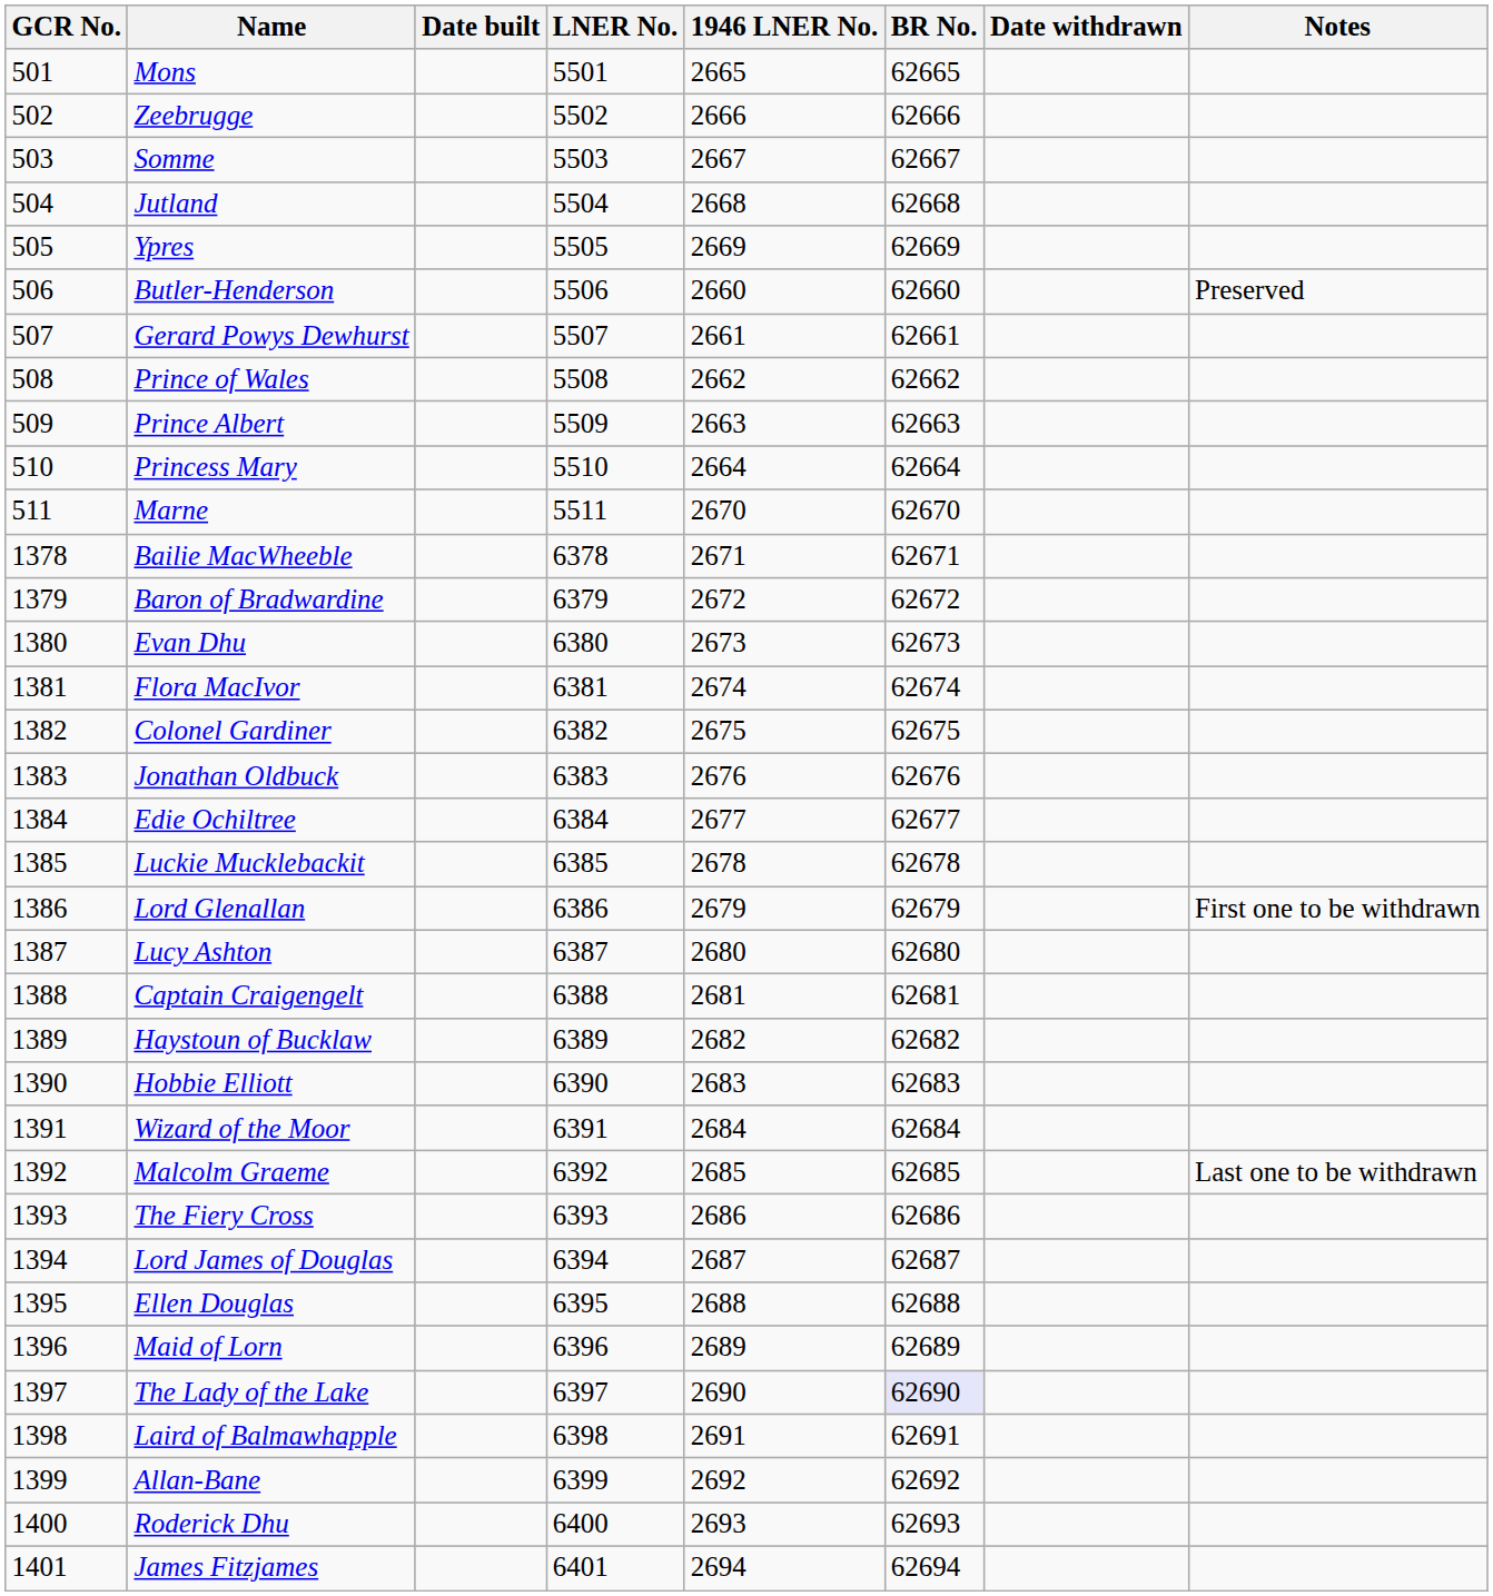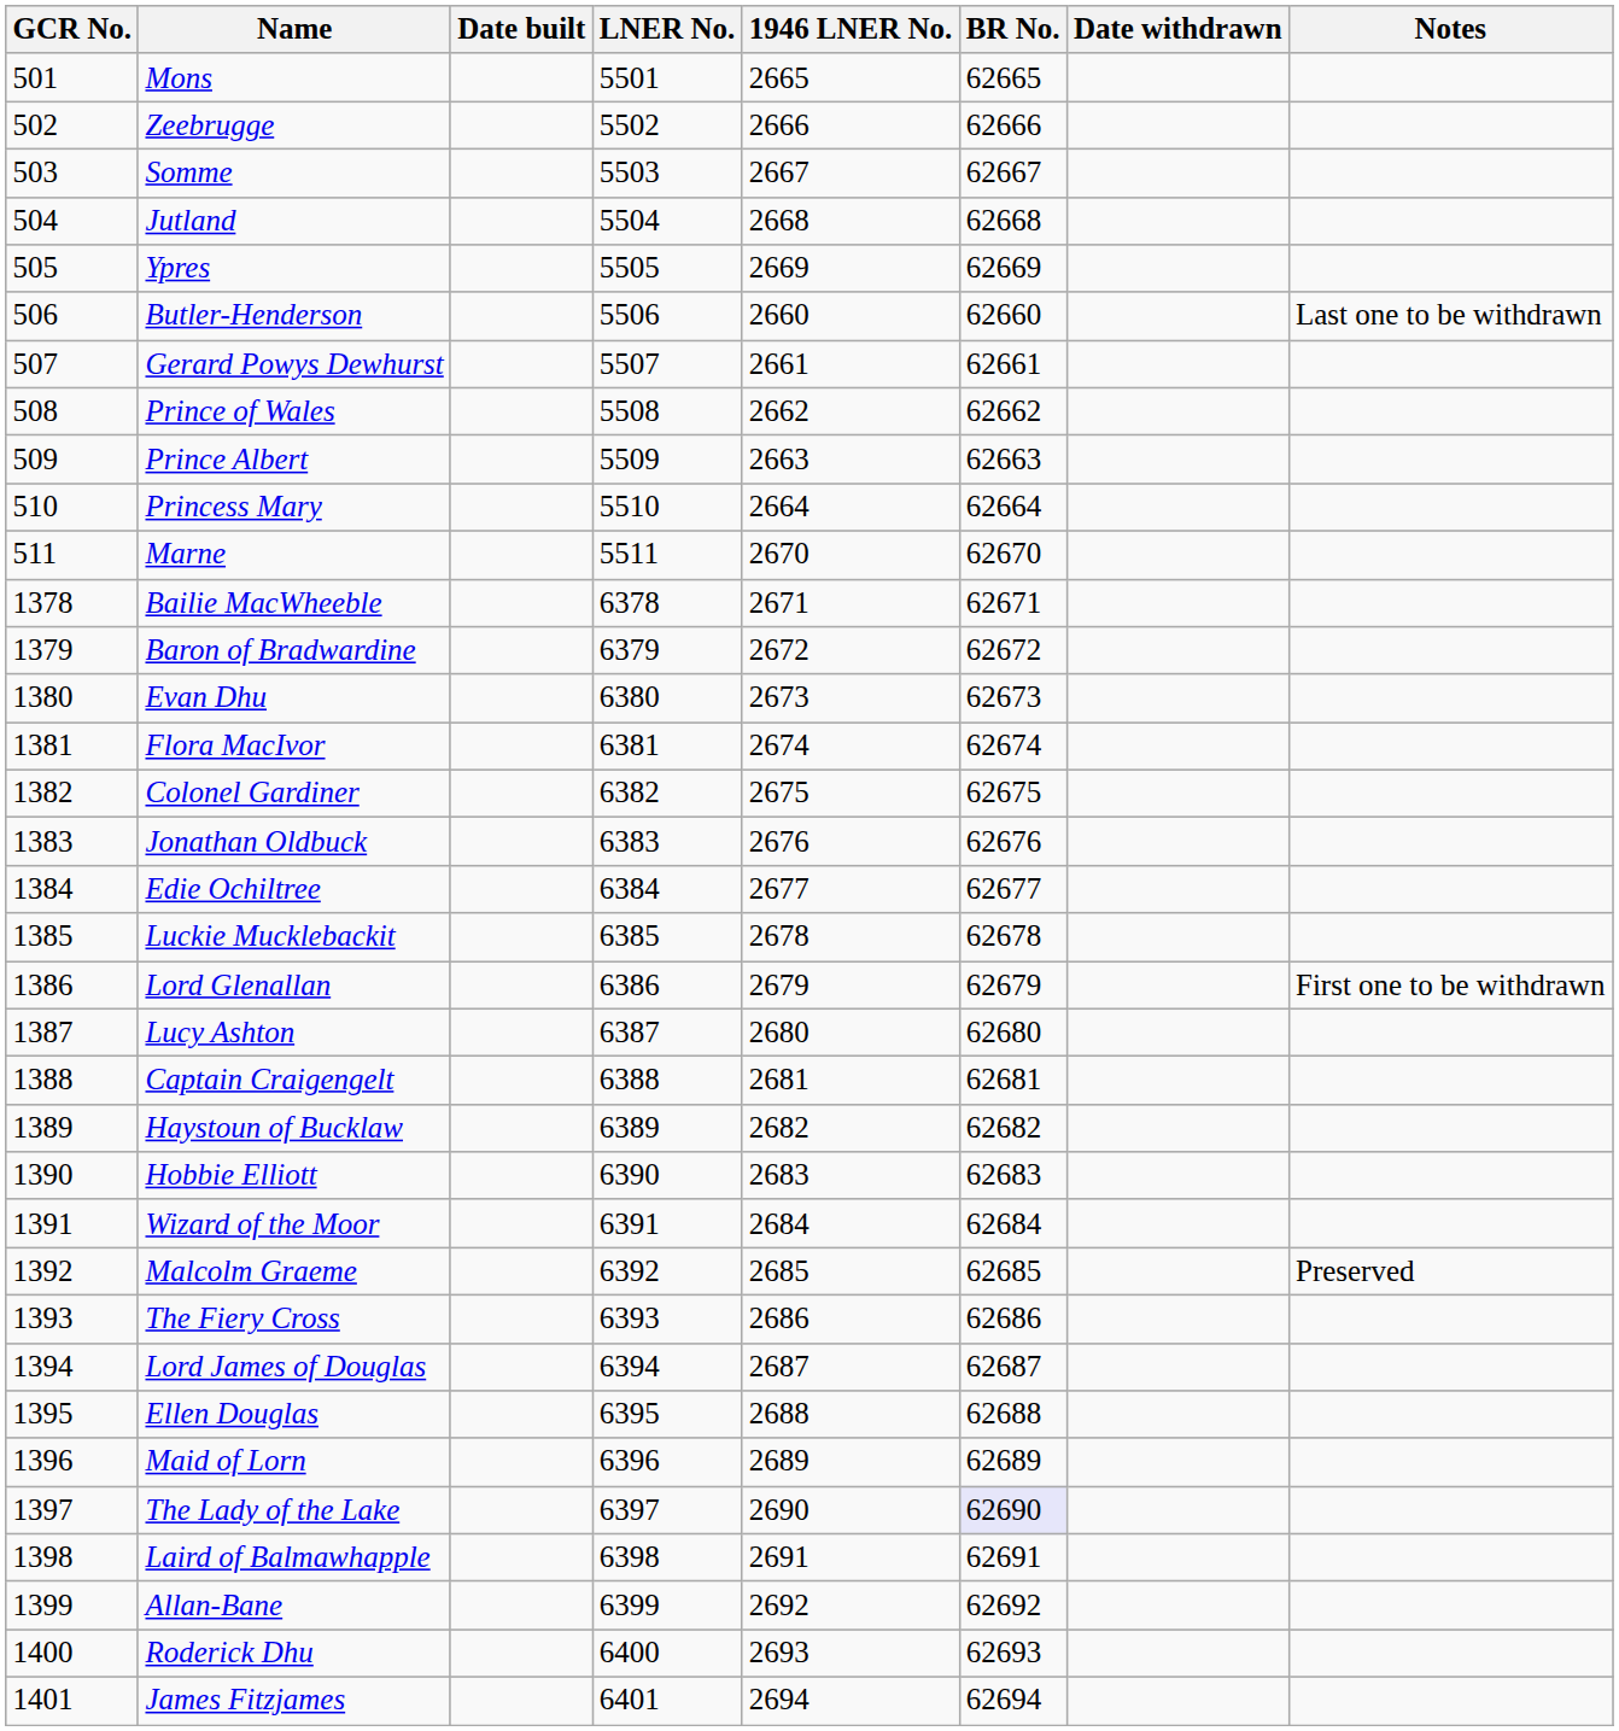 <table class="wikitable sortable">
 <tr>
 <th>GCR No.</th>
 <th>Name</th>
 <th>Date built</th>
 <th>LNER No.</th>
 <th>1946 LNER No.</th>
 <th>BR No.</th>
 <th>Date withdrawn</th>
 <th>Notes</th>
 </tr>
 <tr>
 <td>501</td>
 <td><em><a href='#'>Mons</a></em></td>
 <td></td>
 <td>5501</td>
 <td>2665</td>
 <td>62665</td>
 <td></td>
 <td></td>
 </tr>
 <tr>
 <td>502</td>
 <td><em><a href='#'>Zeebrugge</a></em></td>
 <td></td>
 <td>5502</td>
 <td>2666</td>
 <td>62666</td>
 <td></td>
 <td></td>
 </tr>
 <tr>
 <td>503</td>
 <td><em><a href='#'>Somme</a></em></td>
 <td></td>
 <td>5503</td>
 <td>2667</td>
 <td>62667</td>
 <td></td>
 <td></td>
 </tr>
 <tr>
 <td>504</td>
 <td><em><a href='#'>Jutland</a></em></td>
 <td></td>
 <td>5504</td>
 <td>2668</td>
 <td>62668</td>
 <td></td>
 <td></td>
 </tr>
 <tr>
 <td>505</td>
 <td><em><a href='#'>Ypres</a></em></td>
 <td></td>
 <td>5505</td>
 <td>2669</td>
 <td>62669</td>
 <td></td>
 <td></td>
 </tr>
 <tr>
 <td>506</td>
 <td><em><a href='#'>Butler-Henderson</a></em></td>
 <td></td>
 <td>5506</td>
 <td>2660</td>
 <td>62660</td>
 <td></td>
-<td>Preserved</td>
+<td>Last one to be withdrawn</td>
 </tr>
 <tr>
 <td>507</td>
 <td><em><a href='#'>Gerard Powys Dewhurst</a></em></td>
 <td></td>
 <td>5507</td>
 <td>2661</td>
 <td>62661</td>
 <td></td>
 <td></td>
 </tr>
 <tr>
 <td>508</td>
 <td><em><a href='#'>Prince of Wales</a></em></td>
 <td></td>
 <td>5508</td>
 <td>2662</td>
 <td>62662</td>
 <td></td>
 <td></td>
 </tr>
 <tr>
 <td>509</td>
 <td><em><a href='#'>Prince Albert</a></em></td>
 <td></td>
 <td>5509</td>
 <td>2663</td>
 <td>62663</td>
 <td></td>
 <td></td>
 </tr>
 <tr>
 <td>510</td>
 <td><em><a href='#'>Princess Mary</a></em></td>
 <td></td>
 <td>5510</td>
 <td>2664</td>
 <td>62664</td>
 <td></td>
 <td></td>
 </tr>
 <tr>
 <td>511</td>
 <td><em><a href='#'>Marne</a></em></td>
 <td></td>
 <td>5511</td>
 <td>2670</td>
 <td>62670</td>
 <td></td>
 <td></td>
 </tr>
 <tr>
 <td>1378</td>
 <td><em><a href='#'>Bailie MacWheeble</a></em></td>
 <td></td>
 <td>6378</td>
 <td>2671</td>
 <td>62671</td>
 <td></td>
 <td></td>
 </tr>
 <tr>
 <td>1379</td>
 <td><em><a href='#'>Baron of Bradwardine</a></em></td>
 <td></td>
 <td>6379</td>
 <td>2672</td>
 <td>62672</td>
 <td></td>
 <td></td>
 </tr>
 <tr>
 <td>1380</td>
 <td><em><a href='#'>Evan Dhu</a></em></td>
 <td></td>
 <td>6380</td>
 <td>2673</td>
 <td>62673</td>
 <td></td>
 <td></td>
 </tr>
 <tr>
 <td>1381</td>
 <td><em><a href='#'>Flora MacIvor</a></em></td>
 <td></td>
 <td>6381</td>
 <td>2674</td>
 <td>62674</td>
 <td></td>
 <td></td>
 </tr>
 <tr>
 <td>1382</td>
 <td><em><a href='#'>Colonel Gardiner</a></em></td>
 <td></td>
 <td>6382</td>
 <td>2675</td>
 <td>62675</td>
 <td></td>
 <td></td>
 </tr>
 <tr>
 <td>1383</td>
 <td><em><a href='#'>Jonathan Oldbuck</a></em></td>
 <td></td>
 <td>6383</td>
 <td>2676</td>
 <td>62676</td>
 <td></td>
 <td></td>
 </tr>
 <tr>
 <td>1384</td>
 <td><em><a href='#'>Edie Ochiltree</a></em></td>
 <td></td>
 <td>6384</td>
 <td>2677</td>
 <td>62677</td>
 <td></td>
 <td></td>
 </tr>
 <tr>
 <td>1385</td>
 <td><em><a href='#'>Luckie Mucklebackit</a></em></td>
 <td></td>
 <td>6385</td>
 <td>2678</td>
 <td>62678</td>
 <td></td>
 <td></td>
 </tr>
 <tr>
 <td>1386</td>
 <td><em><a href='#'>Lord Glenallan</a></em></td>
 <td></td>
 <td>6386</td>
 <td>2679</td>
 <td>62679</td>
 <td></td>
 <td>First one to be withdrawn</td>
 </tr>
 <tr>
 <td>1387</td>
 <td><em><a href='#'>Lucy Ashton</a></em></td>
 <td></td>
 <td>6387</td>
 <td>2680</td>
 <td>62680</td>
 <td></td>
 <td></td>
 </tr>
 <tr>
 <td>1388</td>
 <td><em><a href='#'>Captain Craigengelt</a></em></td>
 <td></td>
 <td>6388</td>
 <td>2681</td>
 <td>62681</td>
 <td></td>
 <td></td>
 </tr>
 <tr>
 <td>1389</td>
 <td><em><a href='#'>Haystoun of Bucklaw</a></em></td>
 <td></td>
 <td>6389</td>
 <td>2682</td>
 <td>62682</td>
 <td></td>
 <td></td>
 </tr>
 <tr>
 <td>1390</td>
 <td><em><a href='#'>Hobbie Elliott</a></em></td>
 <td></td>
 <td>6390</td>
 <td>2683</td>
 <td>62683</td>
 <td></td>
 <td></td>
 </tr>
 <tr>
 <td>1391</td>
 <td><em><a href='#'>Wizard of the Moor</a></em></td>
 <td></td>
 <td>6391</td>
 <td>2684</td>
 <td>62684</td>
 <td></td>
 <td></td>
 </tr>
 <tr>
 <td>1392</td>
 <td><em><a href='#'>Malcolm Graeme</a></em></td>
 <td></td>
 <td>6392</td>
 <td>2685</td>
 <td>62685</td>
 <td></td>
-<td>Last one to be withdrawn</td>
+<td>Preserved</td>
 </tr>
 <tr>
 <td>1393</td>
 <td><em><a href='#'>The Fiery Cross</a></em></td>
 <td></td>
 <td>6393</td>
 <td>2686</td>
 <td>62686</td>
 <td></td>
 <td></td>
 </tr>
 <tr>
 <td>1394</td>
 <td><em><a href='#'>Lord James of Douglas</a></em></td>
 <td></td>
 <td>6394</td>
 <td>2687</td>
 <td>62687</td>
 <td></td>
 <td></td>
 </tr>
 <tr>
 <td>1395</td>
 <td><em><a href='#'>Ellen Douglas</a></em></td>
 <td></td>
 <td>6395</td>
 <td>2688</td>
 <td>62688</td>
 <td></td>
 <td></td>
 </tr>
 <tr>
 <td>1396</td>
 <td><em><a href='#'>Maid of Lorn</a></em></td>
 <td></td>
 <td>6396</td>
 <td>2689</td>
 <td>62689</td>
 <td></td>
 <td></td>
 </tr>
 <tr>
 <td>1397</td>
 <td><em><a href='#'>The Lady of the Lake</a></em></td>
 <td></td>
 <td>6397</td>
 <td>2690</td>
 <td style="background: lavender;">62690</td>
 <td></td>
 <td></td>
 </tr>
 <tr>
 <td>1398</td>
 <td><em><a href='#'>Laird of Balmawhapple</a></em></td>
 <td></td>
 <td>6398</td>
 <td>2691</td>
 <td>62691</td>
 <td></td>
 <td></td>
 </tr>
 <tr>
 <td>1399</td>
 <td><em><a href='#'>Allan-Bane</a></em></td>
 <td></td>
 <td>6399</td>
 <td>2692</td>
 <td>62692</td>
 <td></td>
 <td></td>
 </tr>
 <tr>
 <td>1400</td>
 <td><em><a href='#'>Roderick Dhu</a></em></td>
 <td></td>
 <td>6400</td>
 <td>2693</td>
 <td>62693</td>
 <td></td>
 <td></td>
 </tr>
 <tr>
 <td>1401</td>
 <td><em><a href='#'>James Fitzjames</a></em></td>
 <td></td>
 <td>6401</td>
 <td>2694</td>
 <td>62694</td>
 <td></td>
 <td></td>
 </tr>
 <tr>
 </tr>
 </table>
